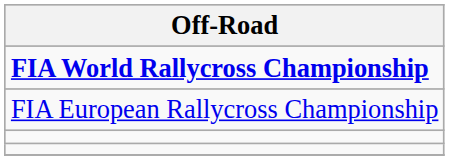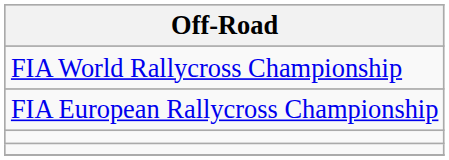 <table class="wikitable">
 <tr>
 <th>Off-Road</th>
 </tr>
 <tr>
-<td><strong><a href='#'>FIA World Rallycross Championship</a></strong></td>
+<td><a href='#'>FIA World Rallycross Championship</a></td>
 </tr>
 <tr>
 <td><a href='#'>FIA European Rallycross Championship</a></td>
 </tr>
 <tr>
 <td></td>
 </tr>
 <tr>
 <td></td>
 </tr>
 <tr>
 </tr>
 </table>
